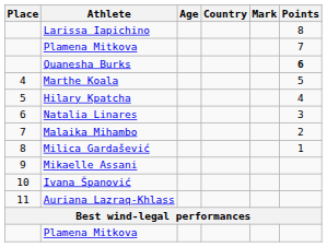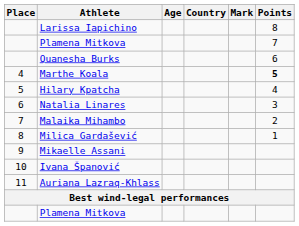 <table class="wikitable mw-datatable sortable">
 <tr>
 <th>Place</th>
 <th>Athlete</th>
 <th>Age</th>
 <th>Country</th>
 <th>Mark</th>
 <th>Points</th>
 </tr>
 <tr>
 <td align=center></td>
 <td><a href='#'>Larissa Iapichino</a></td>
 <td></td>
 <td></td>
 <td> </td>
 <td align=center>8</td>
 </tr>
 <tr>
 <td align=center></td>
 <td><a href='#'>Plamena Mitkova</a></td>
 <td></td>
 <td></td>
 <td> </td>
 <td align=center>7</td>
 </tr>
 <tr>
 <td align=center></td>
 <td><a href='#'>Quanesha Burks</a></td>
 <td></td>
 <td></td>
 <td> </td>
-<td align=center><strong>6</strong></td>
+<td align=center>6</td>
 </tr>
 <tr>
 <td align=center>4</td>
 <td><a href='#'>Marthe Koala</a></td>
 <td></td>
 <td></td>
 <td> </td>
-<td align=center>5</td>
+<td align=center><strong>5</strong></td>
 </tr>
 <tr>
 <td align=center>5</td>
 <td><a href='#'>Hilary Kpatcha</a></td>
 <td></td>
 <td></td>
 <td> </td>
 <td align=center>4</td>
 </tr>
 <tr>
 <td align=center>6</td>
 <td><a href='#'>Natalia Linares</a></td>
 <td></td>
 <td></td>
 <td> </td>
 <td align=center>3</td>
 </tr>
 <tr>
 <td align=center>7</td>
 <td><a href='#'>Malaika Mihambo</a></td>
 <td></td>
 <td></td>
 <td> </td>
 <td align=center>2</td>
 </tr>
 <tr>
 <td align=center>8</td>
 <td><a href='#'>Milica Gardašević</a></td>
 <td></td>
 <td></td>
 <td> </td>
 <td align=center>1</td>
 </tr>
 <tr>
 <td align=center>9</td>
 <td><a href='#'>Mikaelle Assani</a></td>
 <td></td>
 <td></td>
 <td> </td>
 <td align=center></td>
 </tr>
 <tr>
 <td align=center>10</td>
 <td><a href='#'>Ivana Španović</a></td>
 <td></td>
 <td></td>
 <td> </td>
 <td align=center></td>
 </tr>
 <tr>
 <td align=center>11</td>
 <td><a href='#'>Auriana Lazraq-Khlass</a></td>
 <td></td>
 <td></td>
 <td> </td>
 <td align=center></td>
 </tr>
 <tr>
 <th align=center colspan=7>Best wind-legal performances</th>
 </tr>
 <tr>
 <td align=center></td>
 <td><a href='#'>Plamena Mitkova</a></td>
 <td></td>
 <td></td>
 <td> </td>
 <td align=center></td>
 </tr>
 </table>
